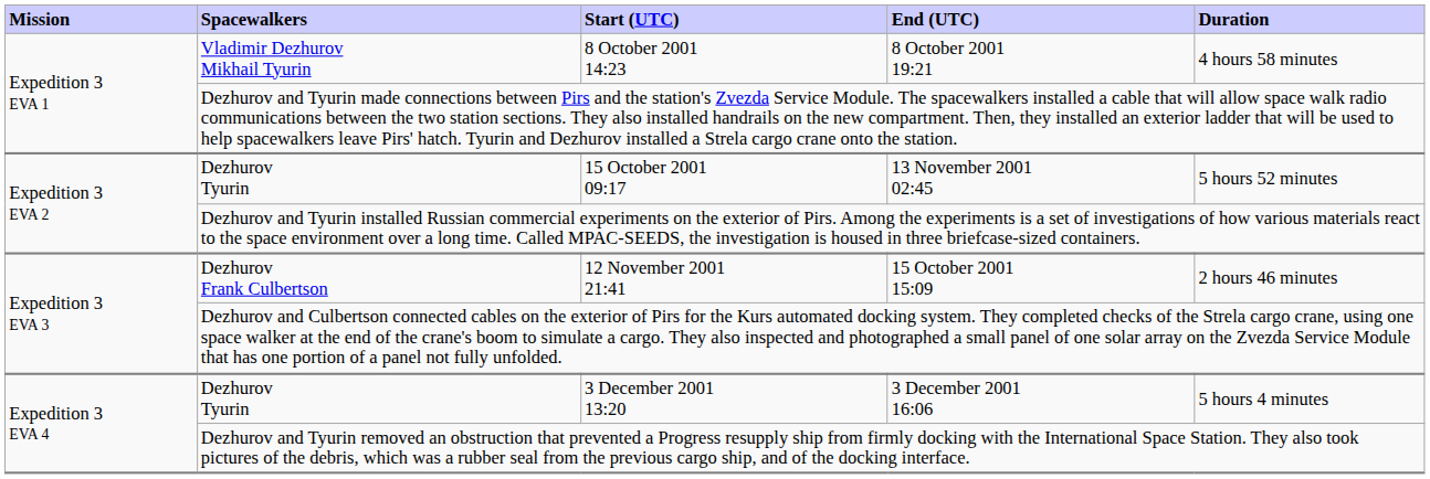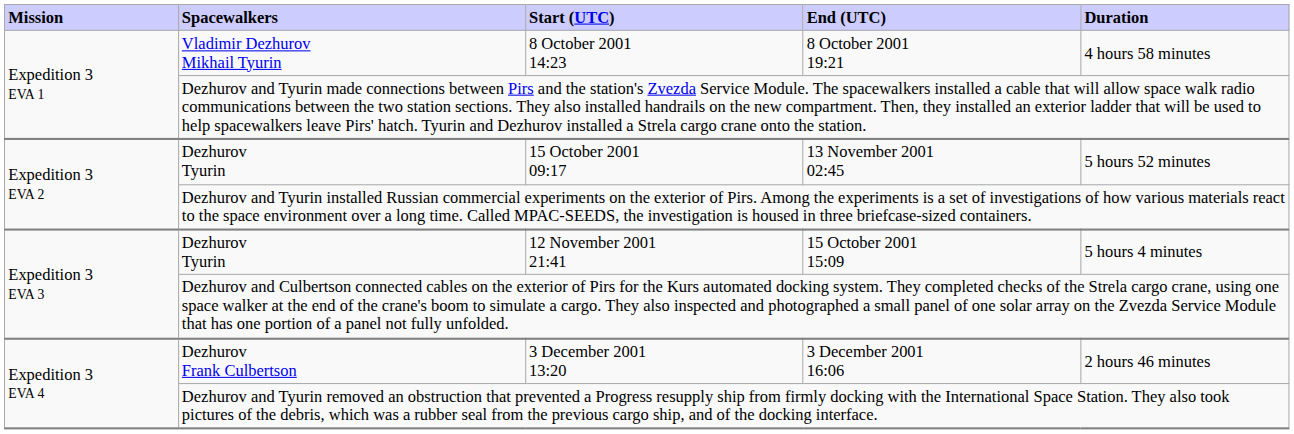 <table class="wikitable">
 <tr>
 <th width="10%" style="background:#ccccff;color:black;text-align:left"><strong>Mission</strong></th>
 <th width="20%" style="background:#ccccff;color:black;text-align:left"><strong>Spacewalkers</strong></th>
 <th width="16%" style="background:#ccccff;color:black;text-align:left"><strong>Start (<a href='#'>UTC</a>)</strong></th>
 <th width="16%" style="background:#ccccff;color:black;text-align:left"><strong>End (UTC)</strong></th>
 <th width="12%" style="background:#ccccff;color:black;text-align:left"><strong>Duration</strong></th>
 </tr>
 <tr>
 <td rowspan=2 style="border-bottom:2px solid grey;">Expedition 3<br><small>EVA 1</small><br></td>
 <td><a href='#'>Vladimir Dezhurov</a> <br> <a href='#'>Mikhail Tyurin</a></td>
 <td>8 October 2001 <br> 14:23</td>
 <td>8 October 2001 <br> 19:21</td>
 <td>4 hours 58 minutes</td>
 </tr>
 <tr>
 <td colspan=4 style="border-bottom:2px solid grey;">Dezhurov and Tyurin made connections between <a href='#'>Pirs</a> and the station's <a href='#'>Zvezda</a> Service Module. The spacewalkers installed a cable that will allow space walk radio communications between the two station sections. They also installed handrails on the new compartment. Then, they installed an exterior ladder that will be used to help spacewalkers leave Pirs' hatch. Tyurin and Dezhurov installed a Strela cargo crane onto the station.</td>
 </tr>
 <tr>
 <td rowspan=2 style="border-bottom:2px solid grey;">Expedition 3<br><small>EVA 2</small><br></td>
 <td>Dezhurov <br> Tyurin</td>
 <td>15 October 2001 <br> 09:17</td>
 <td>13 November 2001 <br> 02:45</td>
 <td>5 hours 52 minutes</td>
 </tr>
 <tr>
 <td colspan=4 style="border-bottom:2px solid grey;">Dezhurov and Tyurin installed Russian commercial experiments on the exterior of Pirs. Among the experiments is a set of investigations of how various materials react to the space environment over a long time. Called MPAC-SEEDS, the investigation is housed in three briefcase-sized containers.</td>
 </tr>
 <tr>
 <td rowspan=2 style="border-bottom:2px solid grey;">Expedition 3<br><small>EVA 3</small><br></td>
-<td>Dezhurov <br> <a href='#'>Frank Culbertson</a></td>
+<td>Dezhurov <br> Tyurin</td>
 <td>12 November 2001 <br> 21:41</td>
 <td>15 October 2001 <br> 15:09</td>
-<td>2 hours 46 minutes</td>
+<td>5 hours 4 minutes</td>
 </tr>
 <tr>
 <td colspan=4 style="border-bottom:2px solid grey;">Dezhurov and Culbertson connected cables on the exterior of Pirs for the Kurs automated docking system. They completed checks of the Strela cargo crane, using one space walker at the end of the crane's boom to simulate a cargo. They also inspected and photographed a small panel of one solar array on the Zvezda Service Module that has one portion of a panel not fully unfolded.</td>
 </tr>
 <tr>
 <td rowspan=2 style="border-bottom:2px solid grey;">Expedition 3<br><small>EVA 4</small><br></td>
-<td>Dezhurov <br> Tyurin</td>
+<td>Dezhurov <br> <a href='#'>Frank Culbertson</a></td>
 <td>3 December 2001 <br> 13:20</td>
 <td>3 December 2001 <br> 16:06</td>
-<td>5 hours 4 minutes</td>
+<td>2 hours 46 minutes</td>
 </tr>
 <tr>
 <td colspan=4 style="border-bottom:2px solid grey;">Dezhurov and Tyurin removed an obstruction that prevented a Progress resupply ship from firmly docking with the International Space Station. They also took pictures of the debris, which was a rubber seal from the previous cargo ship, and of the docking interface.</td>
 </tr>
 </table>
